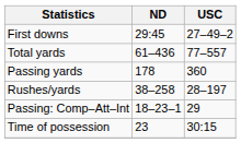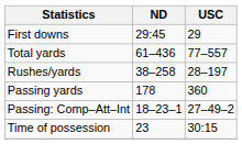 <table class="wikitable" style="float: left;">
 <tr>
 <th>Statistics</th>
 <th>ND</th>
 <th>USC</th>
 </tr>
 <tr>
 <td>First downs</td>
 <td>29:45</td>
-<td>27–49–2</td>
+<td>29</td>
 </tr>
 <tr>
 <td>Total yards</td>
 <td>61–436</td>
 <td>77–557</td>
 </tr>
 <tr>
+<td>Rushes/yards</td>
+<td>38–258</td>
+<td>28–197</td>
+</tr>
+<tr>
 <td>Passing yards</td>
 <td>178</td>
 <td>360</td>
 </tr>
 <tr>
-<td>Rushes/yards</td>
-<td>38–258</td>
-<td>28–197</td>
-</tr>
-<tr>
 <td>Passing: Comp–Att–Int</td>
 <td>18–23–1</td>
-<td>29</td>
+<td>27–49–2</td>
 </tr>
 <tr>
 <td>Time of possession</td>
 <td>23</td>
 <td>30:15</td>
 </tr>
 <tr>
 </tr>
 </table>
